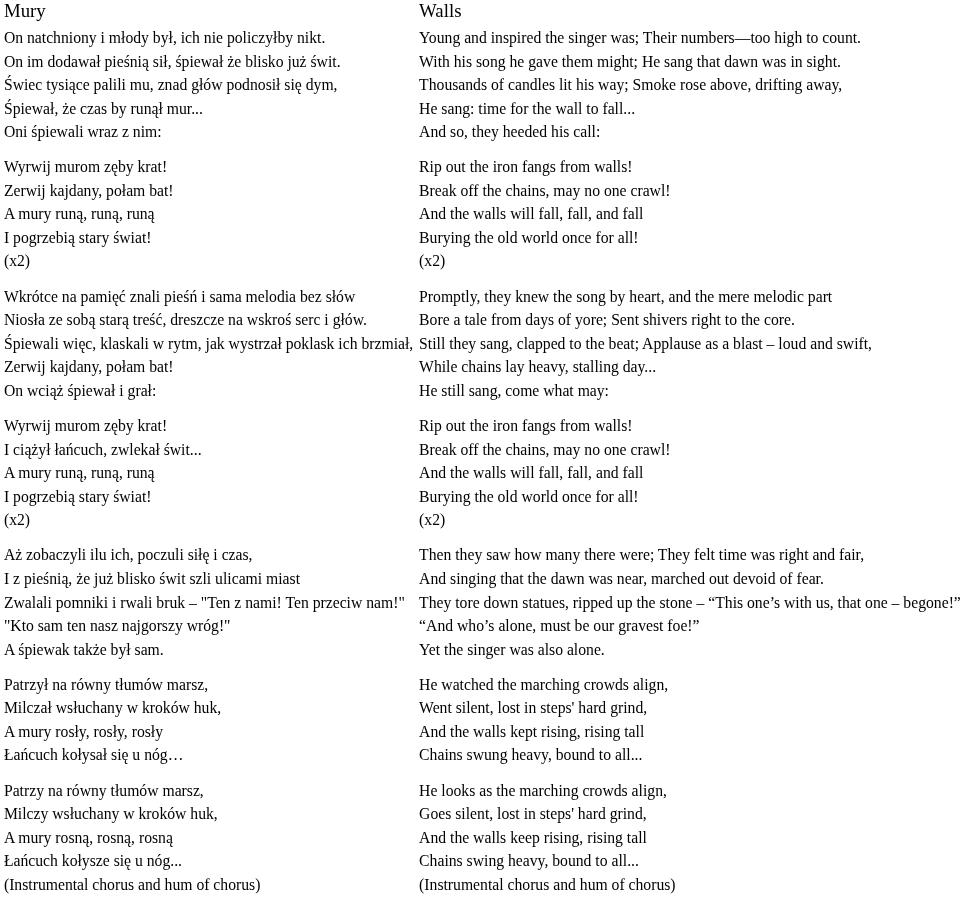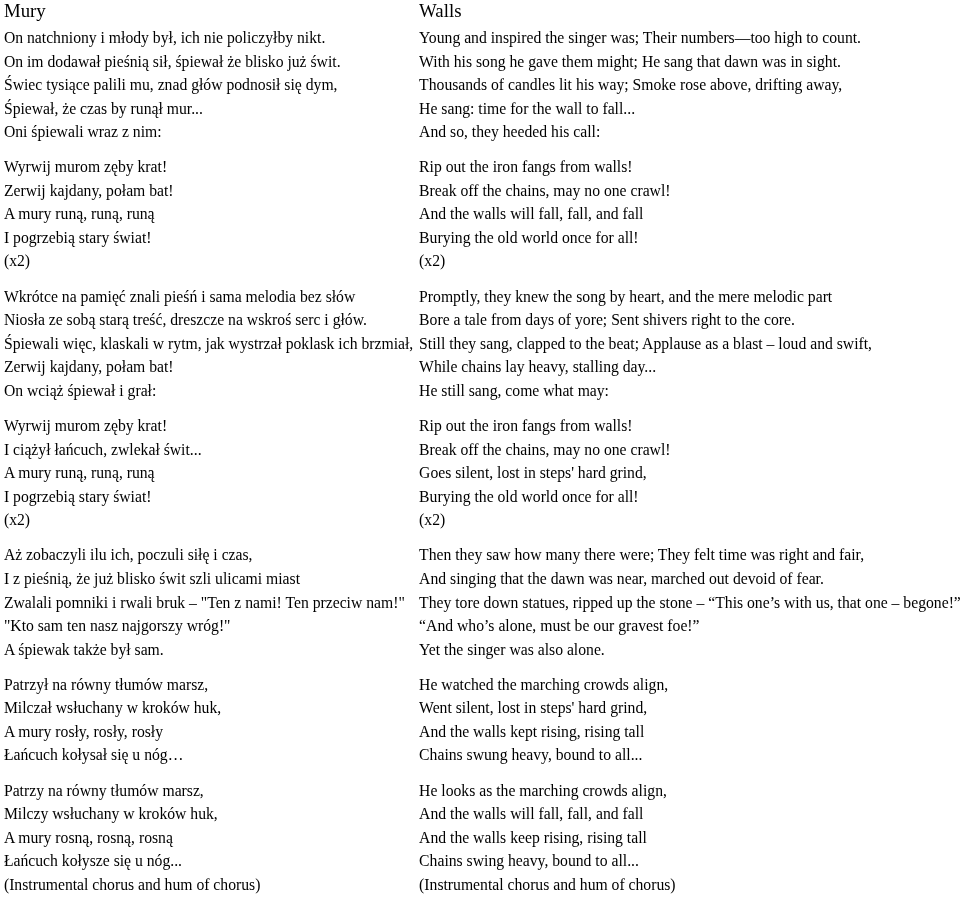 <table cellpadding=2 style="background:transparent;">
 <tr>
 <td><big>Mury</big></td>
 <td><big>Walls</big></td>
 </tr>
 <tr>
 </tr>
 <tr>
 <td>On natchniony i młody był, ich nie policzyłby nikt.</td>
 <td>Young and inspired the singer was; Their numbers—too high to count.</td>
 </tr>
 <tr>
 <td>On im dodawał pieśnią sił, śpiewał że blisko już świt.</td>
 <td>With his song he gave them might; He sang that dawn was in sight.</td>
 </tr>
 <tr>
 <td>Świec tysiące palili mu, znad głów podnosił się dym,</td>
 <td>Thousands of candles lit his way; Smoke rose above, drifting away,</td>
 </tr>
 <tr>
 <td>Śpiewał, że czas by runął mur...</td>
 <td>He sang: time for the wall to fall...</td>
 </tr>
 <tr>
 <td>Oni śpiewali wraz z nim:</td>
 <td>And so, they heeded his call:</td>
 </tr>
 <tr>
 <td></td>
 <td></td>
 </tr>
 <tr>
 <td></td>
 <td></td>
 </tr>
 <tr>
 <td>Wyrwij murom zęby krat!</td>
 <td>Rip out the iron fangs from walls!</td>
 </tr>
 <tr>
 <td>Zerwij kajdany, połam bat!</td>
 <td>Break off the chains, may no one crawl!</td>
 </tr>
 <tr>
 <td>A mury runą, runą, runą</td>
 <td>And the walls will fall, fall, and fall</td>
 </tr>
 <tr>
 <td>I pogrzebią stary świat!</td>
 <td>Burying the old world once for all!</td>
 </tr>
 <tr>
 <td>(x2)</td>
 <td>(x2)</td>
 </tr>
 <tr>
 <td></td>
 <td></td>
 </tr>
 <tr>
 <td></td>
 <td></td>
 </tr>
 <tr>
 <td>Wkrótce na pamięć znali pieśń i sama melodia bez słów</td>
 <td>Promptly, they knew the song by heart, and the mere melodic part</td>
 </tr>
 <tr>
 <td>Niosła ze sobą starą treść, dreszcze na wskroś serc i głów.</td>
 <td>Bore a tale from days of yore; Sent shivers right to the core.</td>
 </tr>
 <tr>
 <td>Śpiewali więc, klaskali w rytm, jak wystrzał poklask ich brzmiał,</td>
 <td>Still they sang, clapped to the beat; Applause as a blast – loud and swift,</td>
 </tr>
 <tr>
 <td>Zerwij kajdany, połam bat!</td>
 <td>While chains lay heavy, stalling day...</td>
 </tr>
 <tr>
 <td>On wciąż śpiewał i grał:</td>
 <td>He still sang, come what may:</td>
 </tr>
 <tr>
 <td></td>
 <td></td>
 </tr>
 <tr>
 <td></td>
 <td></td>
 </tr>
 <tr>
 <td>Wyrwij murom zęby krat!</td>
 <td>Rip out the iron fangs from walls!</td>
 </tr>
 <tr>
 <td>I ciążył łańcuch, zwlekał świt...</td>
 <td>Break off the chains, may no one crawl!</td>
 </tr>
 <tr>
 <td>A mury runą, runą, runą</td>
-<td>And the walls will fall, fall, and fall</td>
+<td>Goes silent, lost in steps' hard grind,</td>
 </tr>
 <tr>
 <td>I pogrzebią stary świat!</td>
 <td>Burying the old world once for all!</td>
 </tr>
 <tr>
 <td>(x2)</td>
 <td>(x2)</td>
 </tr>
 <tr>
 <td></td>
 <td></td>
 </tr>
 <tr>
 <td></td>
 <td></td>
 </tr>
 <tr>
 <td>Aż zobaczyli ilu ich, poczuli siłę i czas,</td>
 <td>Then they saw how many there were; They felt time was right and fair,</td>
 </tr>
 <tr>
 <td>I z pieśnią, że już blisko świt szli ulicami miast</td>
 <td>And singing that the dawn was near, marched out devoid of fear.</td>
 </tr>
 <tr>
 <td>Zwalali pomniki i rwali bruk – "Ten z nami! Ten przeciw nam!"</td>
 <td>They tore down statues, ripped up the stone – “This one’s with us, that one – begone!”</td>
 </tr>
 <tr>
 <td>"Kto sam ten nasz najgorszy wróg!"</td>
 <td>“And who’s alone, must be our gravest foe!”</td>
 </tr>
 <tr>
 <td>A śpiewak także był sam.</td>
 <td>Yet the singer was also alone.</td>
 </tr>
 <tr>
 <td></td>
 <td></td>
 </tr>
 <tr>
 <td></td>
 <td></td>
 </tr>
 <tr>
 <td>Patrzył na równy tłumów marsz,</td>
 <td>He watched the marching crowds align,</td>
 </tr>
 <tr>
 <td>Milczał wsłuchany w kroków huk,</td>
 <td>Went silent, lost in steps' hard grind,</td>
 </tr>
 <tr>
 <td>A mury rosły, rosły, rosły</td>
 <td>And the walls kept rising, rising tall</td>
 </tr>
 <tr>
 <td>Łańcuch kołysał się u nóg…</td>
 <td>Chains swung heavy, bound to all...</td>
 </tr>
 <tr>
 <td></td>
 <td></td>
 </tr>
 <tr>
 <td></td>
 <td></td>
 </tr>
 <tr>
 <td>Patrzy na równy tłumów marsz,</td>
 <td>He looks as the marching crowds align,</td>
 </tr>
 <tr>
 <td>Milczy wsłuchany w kroków huk,</td>
-<td>Goes silent, lost in steps' hard grind,</td>
+<td>And the walls will fall, fall, and fall</td>
 </tr>
 <tr>
 <td>A mury rosną, rosną, rosną</td>
 <td>And the walls keep rising, rising tall</td>
 </tr>
 <tr>
 <td>Łańcuch kołysze się u nóg...</td>
 <td>Chains swing heavy, bound to all...</td>
 </tr>
 <tr>
 <td>(Instrumental chorus and hum of chorus)</td>
 <td>(Instrumental chorus and hum of chorus)</td>
 </tr>
 <tr>
 </tr>
 </table>
